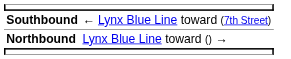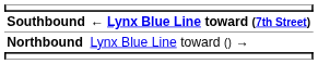 <table table border=0 cellspacing=0 cellpadding=3>
 <tr>
 <td style="border-top:solid 1px gray;border-right:solid 2px black;border-left:solid 2px black;border-bottom:solid 2px black;text-align:center;" colspan=2></td>
 </tr>
 <tr>
 <td style="border-bottom:solid 1px gray;"><span><strong>Southbound</strong></span></td>
-<td style="border-bottom:solid 1px gray;">← <a href='#'>Lynx Blue Line</a> toward  <small>(<a href='#'>7th Street</a>)</small></td>
+<td style="border-bottom:solid 1px gray;"><strong>← <a href='#'>Lynx Blue Line</a> toward  <small>(<a href='#'>7th Street</a>)</small></strong></td>
 </tr>
 <tr>
 <td style="border-bottom:solid 0px gray;"><span><strong>Northbound</strong></span></td>
 <td style="border-bottom:solid 0px gray;"><a href='#'>Lynx Blue Line</a> toward  <small>()</small> →</td>
 </tr>
 <tr>
 <td style="border-top:solid 2px black;border-right:solid 2px black;border-left:solid 2px black;border-bottom:solid 1px gray;text-align:center;" colspan=2></td>
 </tr>
 </table>
